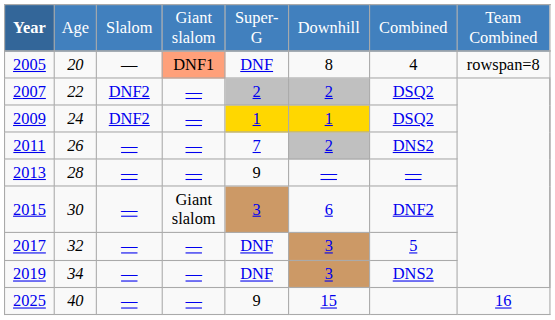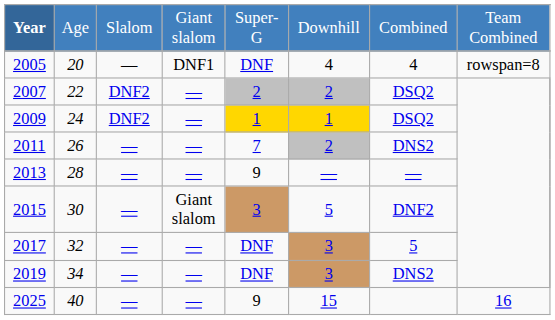 <table class="wikitable" style="font-size:95%; text-align:center; border:grey solid 1px; border-collapse:collapse;" width="40%">
 <tr style="background-color:#369; color:white;">
 <td rowspan="2" colspan="1" width="4%"><strong>Year</strong></td>
 </tr>
 <tr style="background-color:#4180be; color:white;">
 <td width="3%">Age</td>
 <td width="5%">Slalom</td>
 <td width="5%">Giant<br>slalom</td>
 <td width="5%">Super-G</td>
 <td width="5%">Downhill</td>
 <td width="5%">Combined</td>
 <td width="5%">Team Combined</td>
 </tr>
 <tr style="background-color:#8CB2D8; color:white;">
 </tr>
 <tr>
 <td><a href='#'>2005</a></td>
 <td><em>20</em></td>
 <td>—</td>
-<td style="background: lightsalmon;">DNF1</td>
+<td>DNF1</td>
 <td><a href='#'>DNF</a></td>
-<td>8</td>
+<td>4</td>
 <td>4</td>
 <td>rowspan=8</td>
 </tr>
 <tr>
 <td><a href='#'>2007</a></td>
 <td><em>22</em></td>
 <td><a href='#'>DNF2</a></td>
 <td><a href='#'>—</a></td>
 <td style="background:silver;"><a href='#'>2</a></td>
 <td style="background:silver;"><a href='#'>2</a></td>
 <td><a href='#'>DSQ2</a></td>
 </tr>
 <tr>
 <td><a href='#'>2009</a></td>
 <td><em>24</em></td>
 <td><a href='#'>DNF2</a></td>
 <td><a href='#'>—</a></td>
 <td style="background:gold;"><a href='#'>1</a></td>
 <td style="background:gold;"><a href='#'>1</a></td>
 <td><a href='#'>DSQ2</a></td>
 </tr>
 <tr>
 <td><a href='#'>2011</a></td>
 <td><em>26</em></td>
 <td><a href='#'>—</a></td>
 <td><a href='#'>—</a></td>
 <td><a href='#'>7</a></td>
 <td style="background:silver;"><a href='#'>2</a></td>
 <td><a href='#'>DNS2</a></td>
 </tr>
 <tr>
 <td><a href='#'>2013</a></td>
 <td><em>28</em></td>
 <td><a href='#'>—</a></td>
 <td><a href='#'>—</a></td>
 <td>9</td>
 <td><a href='#'>—</a></td>
 <td><a href='#'>—</a></td>
 </tr>
 <tr>
 <td><a href='#'>2015</a></td>
 <td><em>30</em></td>
 <td><a href='#'>—</a></td>
 <td width="5%">Giant<br>slalom</td>
 <td style="background:#c96;"><a href='#'>3</a></td>
-<td><a href='#'>6</a></td>
+<td><a href='#'>5</a></td>
 <td><a href='#'>DNF2</a></td>
 </tr>
 <tr>
 <td><a href='#'>2017</a></td>
 <td><em>32</em></td>
 <td><a href='#'>—</a></td>
 <td><a href='#'>—</a></td>
 <td><a href='#'>DNF</a></td>
 <td style="background:#c96;"><a href='#'>3</a></td>
 <td><a href='#'>5</a></td>
 </tr>
 <tr>
 <td><a href='#'>2019</a></td>
 <td><em>34</em></td>
 <td><a href='#'>—</a></td>
 <td><a href='#'>—</a></td>
 <td><a href='#'>DNF</a></td>
 <td style="background:#c96;"><a href='#'>3</a></td>
 <td><a href='#'>DNS2</a></td>
 </tr>
 <tr>
 <td><a href='#'>2025</a></td>
 <td><em>40</em></td>
 <td><a href='#'>—</a></td>
 <td><a href='#'>—</a></td>
 <td>9</td>
 <td><a href='#'>15</a></td>
 <td></td>
 <td><a href='#'>16</a></td>
 </tr>
 </table>
